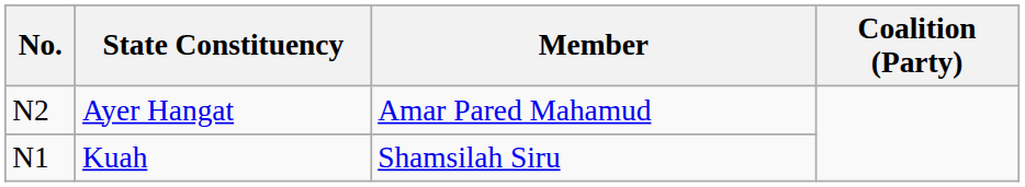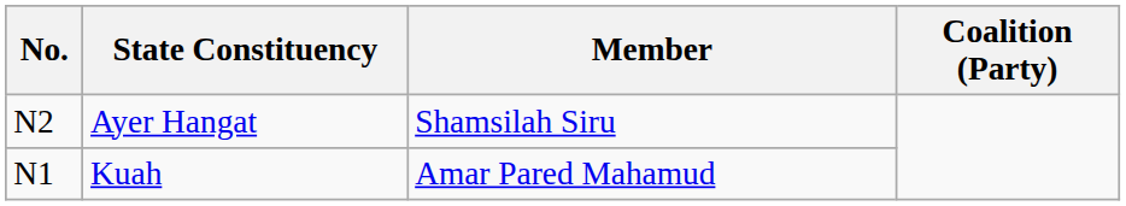 <table class="wikitable">
 <tr>
 <th width="30">No.</th>
 <th width="150">State Constituency</th>
 <th width="230">Member</th>
 <th width="100">Coalition (Party)</th>
 </tr>
 <tr>
 <td>N2</td>
 <td><a href='#'>Ayer Hangat</a></td>
-<td><a href='#'>Amar Pared Mahamud</a></td>
+<td><a href='#'>Shamsilah Siru</a></td>
 <td rowspan=2></td>
 </tr>
 <tr>
 <td>N1</td>
 <td><a href='#'>Kuah</a></td>
-<td><a href='#'>Shamsilah Siru</a></td>
+<td><a href='#'>Amar Pared Mahamud</a></td>
 </tr>
 </table>
